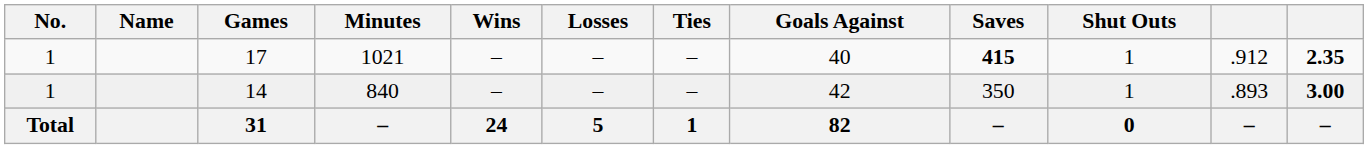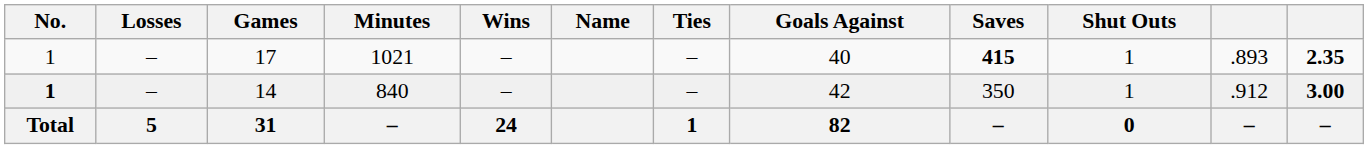 <table class="wikitable sortable" width ="1000">
 <tr align="center">
 <th><strong>No.</strong></th>
-<th><strong>Name</strong></th>
+<th><strong>Losses</strong></th>
 <th><strong>Games</strong></th>
 <th><strong>Minutes</strong></th>
 <th><strong>Wins</strong></th>
-<th><strong>Losses</strong></th>
+<th><strong>Name</strong></th>
 <th><strong>Ties</strong></th>
 <th><strong>Goals Against</strong></th>
 <th><strong>Saves</strong></th>
 <th><strong>Shut Outs</strong></th>
 <th><strong><a href='#'></a></strong></th>
 <th><strong><a href='#'></a></strong></th>
 </tr>
 <tr align="center">
 <td>1</td>
-<td></td>
+<td>–</td>
 <td>17</td>
 <td>1021</td>
 <td>–</td>
-<td>–</td>
+<td></td>
 <td>–</td>
 <td>40</td>
 <td><strong>415</strong></td>
 <td>1</td>
-<td>.912</td>
+<td>.893</td>
 <td><strong>2.35</strong></td>
 </tr>
 <tr align="center" bgcolor="#f0f0f0">
-<td>1</td>
-<td></td>
+<td><strong>1</strong></td>
+<td>–</td>
 <td>14</td>
 <td>840</td>
 <td>–</td>
-<td>–</td>
+<td></td>
 <td>–</td>
 <td>42</td>
 <td>350</td>
 <td>1</td>
-<td>.893</td>
+<td>.912</td>
 <td><strong>3.00</strong></td>
 </tr>
 <tr>
 <th>Total</th>
-<th></th>
+<th>5</th>
 <th>31</th>
 <th>–</th>
 <th>24</th>
-<th>5</th>
+<th></th>
 <th>1</th>
 <th>82</th>
 <th>–</th>
 <th>0</th>
 <th>–</th>
 <th>–</th>
 </tr>
 </table>
